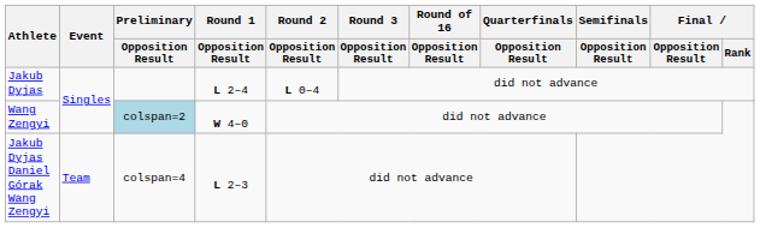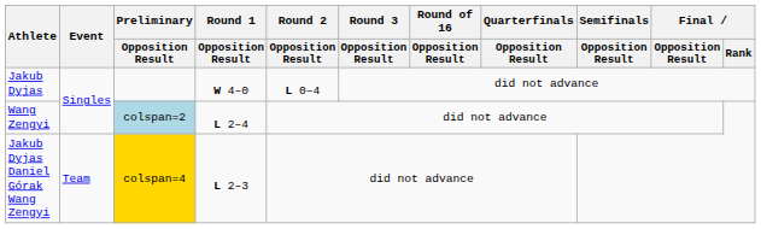 <table class="wikitable" style="font-size:90%;">
 <tr>
 <th rowspan=2>Athlete</th>
 <th rowspan=2>Event</th>
 <th>Preliminary</th>
 <th>Round 1</th>
 <th>Round 2</th>
 <th>Round 3</th>
 <th>Round of 16</th>
 <th>Quarterfinals</th>
 <th>Semifinals</th>
 <th colspan=2>Final / </th>
 </tr>
 <tr style="font-size:95%">
 <th>Opposition<br>Result</th>
 <th>Opposition<br>Result</th>
 <th>Opposition<br>Result</th>
 <th>Opposition<br>Result</th>
 <th>Opposition<br>Result</th>
 <th>Opposition<br>Result</th>
 <th>Opposition<br>Result</th>
 <th>Opposition<br>Result</th>
 <th>Rank</th>
 </tr>
 <tr align=center>
 <td align=left><a href='#'>Jakub Dyjas</a></td>
 <td align=left rowspan=2><a href='#'>Singles</a></td>
 <td></td>
-<td><br><strong>L</strong> 2–4</td>
+<td><br><strong>W</strong> 4–0</td>
 <td><br><strong>L</strong> 0–4</td>
 <td colspan=6>did not advance</td>
 </tr>
 <tr align=center>
 <td align=left><a href='#'>Wang Zengyi</a></td>
 <td style="background: lightblue;">colspan=2 </td>
-<td><br><strong>W</strong> 4–0</td>
+<td><br><strong>L</strong> 2–4</td>
 <td colspan=6>did not advance</td>
 </tr>
 <tr align=center>
 <td align=left><a href='#'>Jakub Dyjas</a><br><a href='#'>Daniel Górak</a><br><a href='#'>Wang Zengyi</a></td>
 <td align=left><a href='#'>Team</a></td>
-<td>colspan=4 </td>
+<td style="background: gold;">colspan=4 </td>
 <td><br><strong>L</strong> 2–3</td>
 <td colspan=4>did not advance</td>
 </tr>
 </table>
